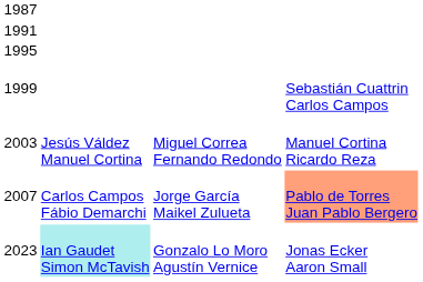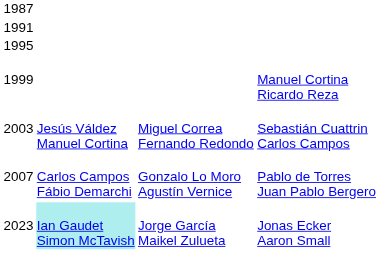 <table>
 <tr>
 <td>1987<br></td>
 <td></td>
 <td></td>
 <td></td>
 </tr>
 <tr>
 <td>1991<br></td>
 <td></td>
 <td></td>
 <td></td>
 </tr>
 <tr>
 <td>1995<br></td>
 <td></td>
 <td></td>
 <td></td>
 </tr>
 <tr>
 <td>1999<br></td>
 <td></td>
 <td></td>
-<td><br><a href='#'>Sebastián Cuattrin</a><br><a href='#'>Carlos Campos</a></td>
+<td><br><a href='#'>Manuel Cortina</a><br><a href='#'>Ricardo Reza</a></td>
 </tr>
 <tr>
 <td>2003</td>
 <td><br> <a href='#'>Jesús Váldez</a><br> <a href='#'>Manuel Cortina</a></td>
 <td><br><a href='#'>Miguel Correa</a><br><a href='#'>Fernando Redondo</a></td>
-<td><br><a href='#'>Manuel Cortina</a><br><a href='#'>Ricardo Reza</a></td>
+<td><br><a href='#'>Sebastián Cuattrin</a><br><a href='#'>Carlos Campos</a></td>
 </tr>
 <tr>
 <td>2007</td>
 <td><br><a href='#'>Carlos Campos</a><br><a href='#'>Fábio Demarchi</a></td>
-<td><br> <a href='#'>Jorge García</a><br> <a href='#'>Maikel Zulueta</a></td>
-<td style="background: lightsalmon;"><br> <a href='#'>Pablo de Torres</a><br> <a href='#'>Juan Pablo Bergero</a></td>
+<td><br><a href='#'>Gonzalo Lo Moro</a><br><a href='#'>Agustín Vernice</a></td>
+<td><br> <a href='#'>Pablo de Torres</a><br> <a href='#'>Juan Pablo Bergero</a></td>
 </tr>
 <tr>
 <td>2023<br></td>
 <td style="background: paleturquoise;"><br><a href='#'>Ian Gaudet</a><br><a href='#'>Simon McTavish</a></td>
-<td><br><a href='#'>Gonzalo Lo Moro</a><br><a href='#'>Agustín Vernice</a></td>
+<td><br> <a href='#'>Jorge García</a><br> <a href='#'>Maikel Zulueta</a></td>
 <td><br><a href='#'>Jonas Ecker</a><br><a href='#'>Aaron Small</a></td>
 </tr>
 </table>
